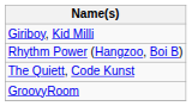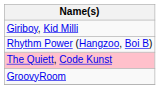 <table class="wikitable">
 <tr>
 <th>Name(s)</th>
 </tr>
 <tr>
 <td><a href='#'>Giriboy</a>, <a href='#'>Kid Milli</a></td>
 </tr>
 <tr>
 <td><a href='#'>Rhythm Power</a> (<a href='#'>Hangzoo</a>, <a href='#'>Boi B</a>)</td>
 </tr>
 <tr>
-<td><a href='#'>The Quiett</a>, <a href='#'>Code Kunst</a></td>
+<td style="background: pink;"><a href='#'>The Quiett</a>, <a href='#'>Code Kunst</a></td>
 </tr>
 <tr>
 <td><a href='#'>GroovyRoom</a></td>
 </tr>
 <tr>
 </tr>
 </table>
